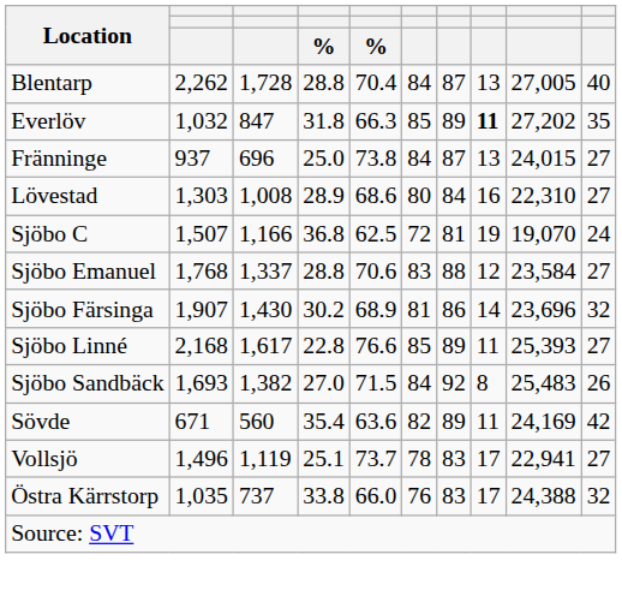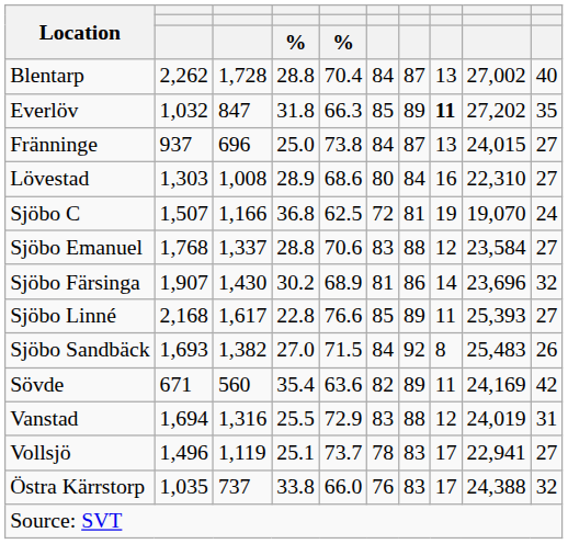 <table role="presentation" class="wikitable sortable mw-collapsible">
 <tr>
 <th rowspan="3">Location</th>
 <th></th>
 <th></th>
 <th></th>
 <th></th>
 <th></th>
 <th></th>
 <th></th>
 <th></th>
 <th></th>
 </tr>
 <tr>
 <th></th>
 <th></th>
 <th style="background:"></th>
 <th style="background:"></th>
 <th></th>
 <th></th>
 <th></th>
 <th></th>
 <th></th>
 </tr>
 <tr>
 <th data-sort-type="number"></th>
 <th data-sort-type="number"></th>
 <th data-sort-type="number">%</th>
 <th data-sort-type="number">%</th>
 <th data-sort-type="number"></th>
 <th data-sort-type="number"></th>
 <th data-sort-type="number"></th>
 <th data-sort-type="number"></th>
 <th data-sort-type="number"></th>
 </tr>
 <tr>
 <td align="left">Blentarp</td>
 <td>2,262</td>
 <td>1,728</td>
 <td>28.8</td>
 <td>70.4</td>
 <td>84</td>
 <td>87</td>
 <td>13</td>
-<td>27,005</td>
+<td>27,002</td>
 <td>40</td>
 </tr>
 <tr>
 <td align="left">Everlöv</td>
 <td>1,032</td>
 <td>847</td>
 <td>31.8</td>
 <td>66.3</td>
 <td>85</td>
 <td>89</td>
 <td><strong>11</strong></td>
 <td>27,202</td>
 <td>35</td>
 </tr>
 <tr>
 <td align="left">Fränninge</td>
 <td>937</td>
 <td>696</td>
 <td>25.0</td>
 <td>73.8</td>
 <td>84</td>
 <td>87</td>
 <td>13</td>
 <td>24,015</td>
 <td>27</td>
 </tr>
 <tr>
 <td align="left">Lövestad</td>
 <td>1,303</td>
 <td>1,008</td>
 <td>28.9</td>
 <td>68.6</td>
 <td>80</td>
 <td>84</td>
 <td>16</td>
 <td>22,310</td>
 <td>27</td>
 </tr>
 <tr>
 <td align="left">Sjöbo C</td>
 <td>1,507</td>
 <td>1,166</td>
 <td>36.8</td>
 <td>62.5</td>
 <td>72</td>
 <td>81</td>
 <td>19</td>
 <td>19,070</td>
 <td>24</td>
 </tr>
 <tr>
 <td align="left">Sjöbo Emanuel</td>
 <td>1,768</td>
 <td>1,337</td>
 <td>28.8</td>
 <td>70.6</td>
 <td>83</td>
 <td>88</td>
 <td>12</td>
 <td>23,584</td>
 <td>27</td>
 </tr>
 <tr>
 <td align="left">Sjöbo Färsinga</td>
 <td>1,907</td>
 <td>1,430</td>
 <td>30.2</td>
 <td>68.9</td>
 <td>81</td>
 <td>86</td>
 <td>14</td>
 <td>23,696</td>
 <td>32</td>
 </tr>
 <tr>
 <td align="left">Sjöbo Linné</td>
 <td>2,168</td>
 <td>1,617</td>
 <td>22.8</td>
 <td>76.6</td>
 <td>85</td>
 <td>89</td>
 <td>11</td>
 <td>25,393</td>
 <td>27</td>
 </tr>
 <tr>
 <td align="left">Sjöbo Sandbäck</td>
 <td>1,693</td>
 <td>1,382</td>
 <td>27.0</td>
 <td>71.5</td>
 <td>84</td>
 <td>92</td>
 <td>8</td>
 <td>25,483</td>
 <td>26</td>
 </tr>
 <tr>
 <td align="left">Sövde</td>
 <td>671</td>
 <td>560</td>
 <td>35.4</td>
 <td>63.6</td>
 <td>82</td>
 <td>89</td>
 <td>11</td>
 <td>24,169</td>
 <td>42</td>
 </tr>
 <tr>
+<td align="left">Vanstad</td>
+<td>1,694</td>
+<td>1,316</td>
+<td>25.5</td>
+<td>72.9</td>
+<td>83</td>
+<td>88</td>
+<td>12</td>
+<td>24,019</td>
+<td>31</td>
+</tr>
+<tr>
 <td align="left">Vollsjö</td>
 <td>1,496</td>
 <td>1,119</td>
 <td>25.1</td>
 <td>73.7</td>
 <td>78</td>
 <td>83</td>
 <td>17</td>
 <td>22,941</td>
 <td>27</td>
 </tr>
 <tr>
 <td align="left">Östra Kärrstorp</td>
 <td>1,035</td>
 <td>737</td>
 <td>33.8</td>
 <td>66.0</td>
 <td>76</td>
 <td>83</td>
 <td>17</td>
 <td>24,388</td>
 <td>32</td>
 </tr>
 <tr>
 <td colspan="10" align="left">Source: <a href='#'>SVT</a></td>
 </tr>
 </table>
